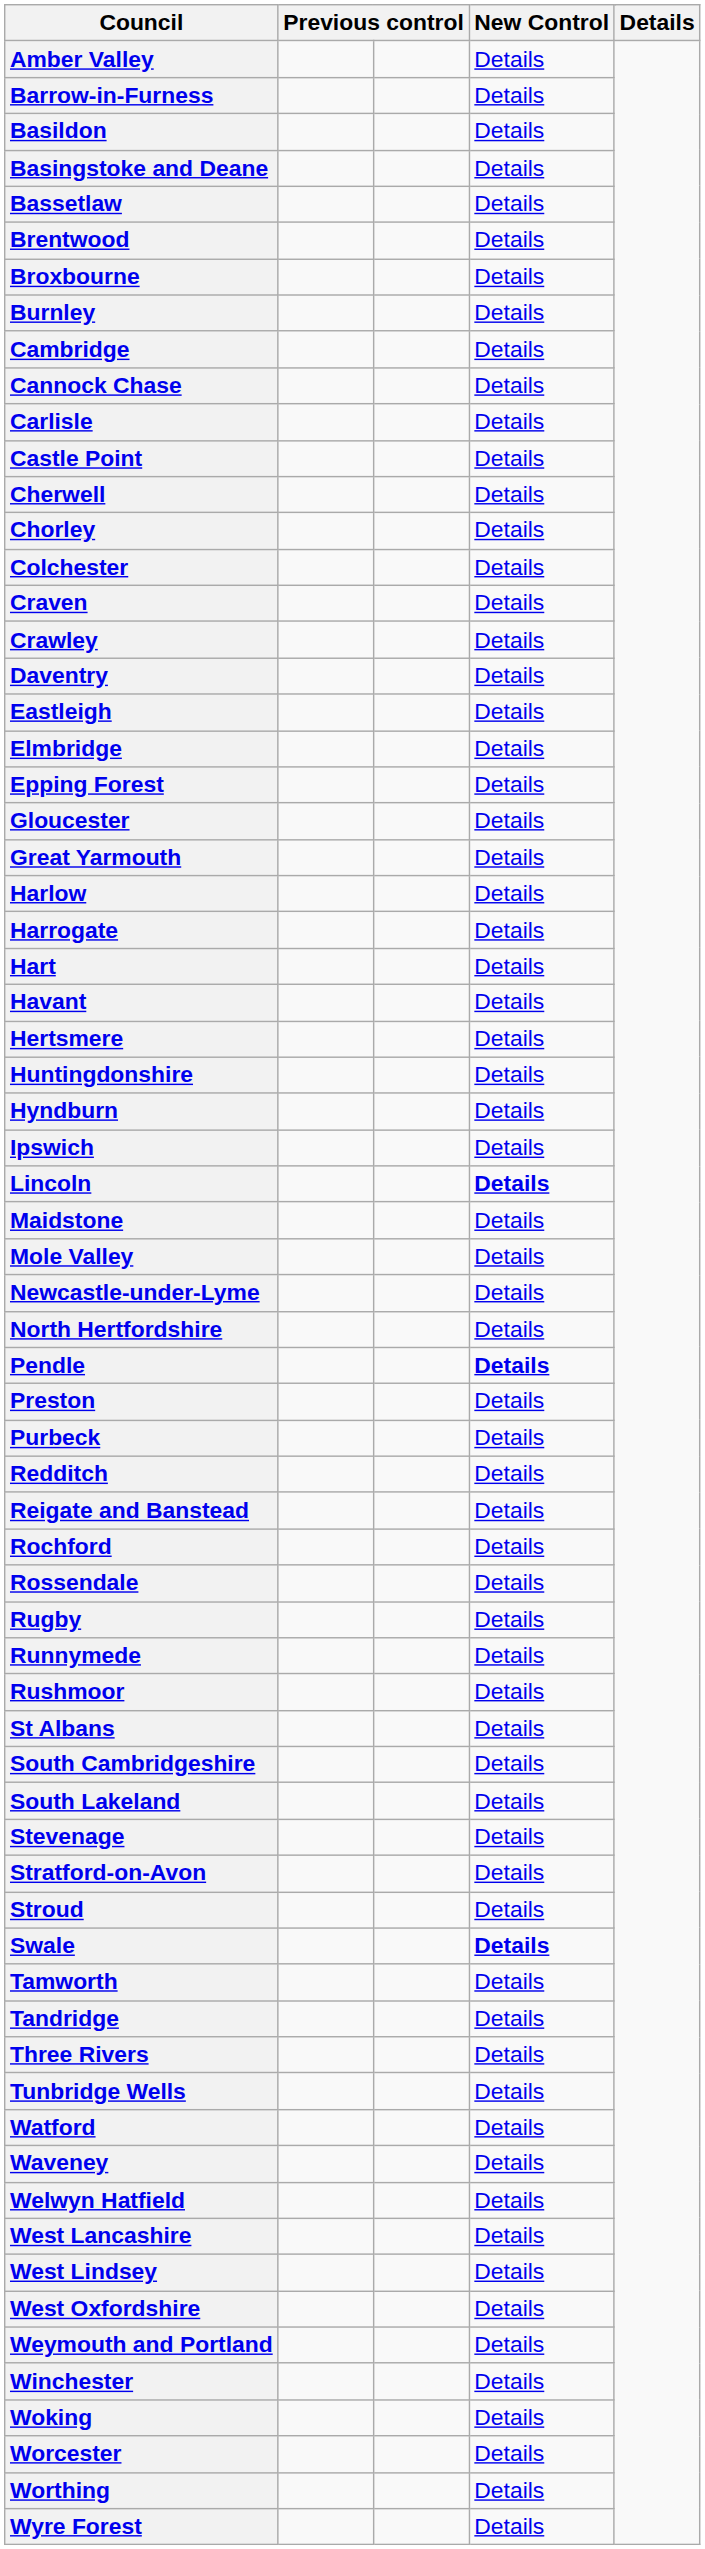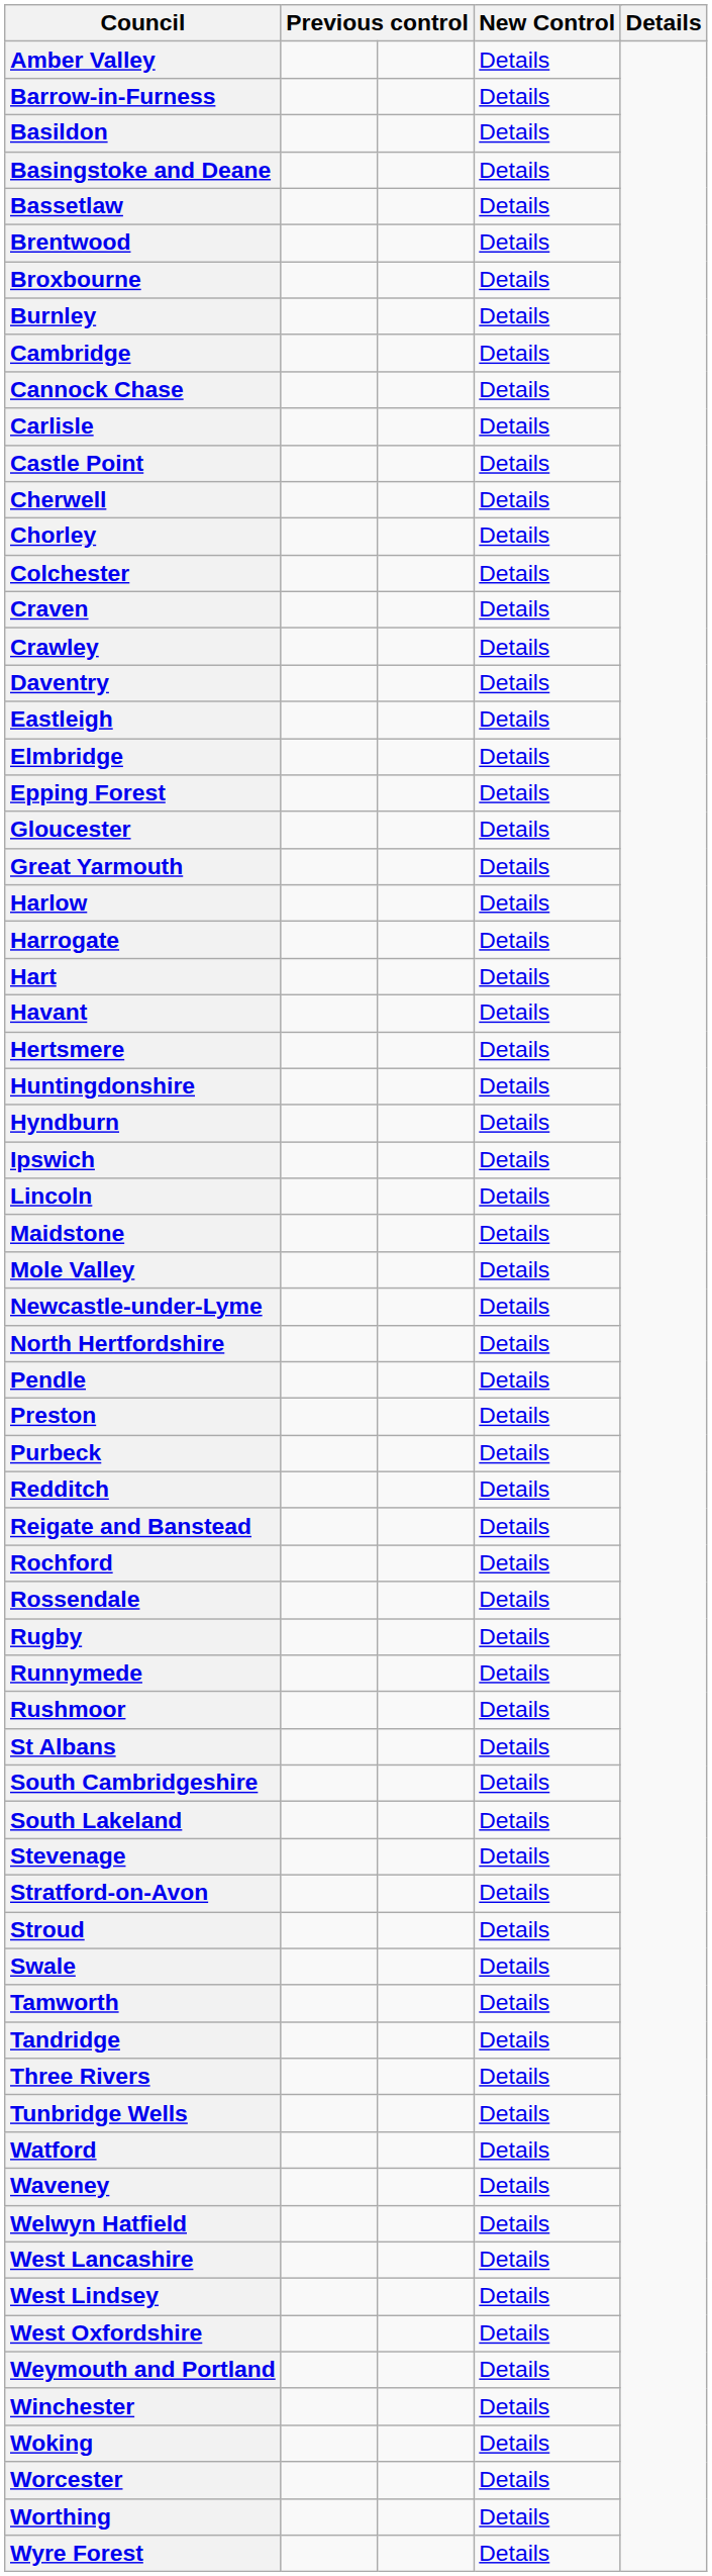 <table class="wikitable">
 <tr>
 <th scope="col">Council</th>
 <th colspan=2>Previous control</th>
 <th colspan=2>New Control</th>
 <th scope="col">Details</th>
 </tr>
 <tr>
 <th scope="row" style="text-align: left;"><a href='#'>Amber Valley</a></th>
 <td></td>
 <td></td>
 <td><a href='#'>Details</a></td>
 </tr>
 <tr>
 <th scope="row" style="text-align: left;"><a href='#'>Barrow-in-Furness</a></th>
 <td></td>
 <td></td>
 <td><a href='#'>Details</a></td>
 </tr>
 <tr>
 <th scope="row" style="text-align: left;"><a href='#'>Basildon</a></th>
 <td></td>
 <td></td>
 <td><a href='#'>Details</a></td>
 </tr>
 <tr>
 <th scope="row" style="text-align: left;"><a href='#'>Basingstoke and Deane</a></th>
 <td></td>
 <td></td>
 <td><a href='#'>Details</a></td>
 </tr>
 <tr>
 <th scope="row" style="text-align: left;"><a href='#'>Bassetlaw</a></th>
 <td></td>
 <td></td>
 <td><a href='#'>Details</a></td>
 </tr>
 <tr>
 <th scope="row" style="text-align: left;"><a href='#'>Brentwood</a></th>
 <td></td>
 <td></td>
 <td><a href='#'>Details</a></td>
 </tr>
 <tr>
 <th scope="row" style="text-align: left;"><a href='#'>Broxbourne</a></th>
 <td></td>
 <td></td>
 <td><a href='#'>Details</a></td>
 </tr>
 <tr>
 <th scope="row" style="text-align: left;"><a href='#'>Burnley</a></th>
 <td></td>
 <td></td>
 <td><a href='#'>Details</a></td>
 </tr>
 <tr>
 <th scope="row" style="text-align: left;"><a href='#'>Cambridge</a></th>
 <td></td>
 <td></td>
 <td><a href='#'>Details</a></td>
 </tr>
 <tr>
 <th scope="row" style="text-align: left;"><a href='#'>Cannock Chase</a></th>
 <td></td>
 <td></td>
 <td><a href='#'>Details</a></td>
 </tr>
 <tr>
 <th scope="row" style="text-align: left;"><a href='#'>Carlisle</a></th>
 <td></td>
 <td></td>
 <td><a href='#'>Details</a></td>
 </tr>
 <tr>
 <th scope="row" style="text-align: left;"><a href='#'>Castle Point</a></th>
 <td></td>
 <td></td>
 <td><a href='#'>Details</a></td>
 </tr>
 <tr>
 <th scope="row" style="text-align: left;"><a href='#'>Cherwell</a></th>
 <td></td>
 <td></td>
 <td><a href='#'>Details</a></td>
 </tr>
 <tr>
 <th scope="row" style="text-align: left;"><a href='#'>Chorley</a></th>
 <td></td>
 <td></td>
 <td><a href='#'>Details</a></td>
 </tr>
 <tr>
 <th scope="row" style="text-align: left;"><a href='#'>Colchester</a></th>
 <td></td>
 <td></td>
 <td><a href='#'>Details</a></td>
 </tr>
 <tr>
 <th scope="row" style="text-align: left;"><a href='#'>Craven</a></th>
 <td></td>
 <td></td>
 <td><a href='#'>Details</a></td>
 </tr>
 <tr>
 <th scope="row" style="text-align: left;"><a href='#'>Crawley</a></th>
 <td></td>
 <td></td>
 <td><a href='#'>Details</a></td>
 </tr>
 <tr>
 <th scope="row" style="text-align: left;"><a href='#'>Daventry</a></th>
 <td></td>
 <td></td>
 <td><a href='#'>Details</a></td>
 </tr>
 <tr>
 <th scope="row" style="text-align: left;"><a href='#'>Eastleigh</a></th>
 <td></td>
 <td></td>
 <td><a href='#'>Details</a></td>
 </tr>
 <tr>
 <th scope="row" style="text-align: left;"><a href='#'>Elmbridge</a></th>
 <td></td>
 <td></td>
 <td><a href='#'>Details</a></td>
 </tr>
 <tr>
 <th scope="row" style="text-align: left;"><a href='#'>Epping Forest</a></th>
 <td></td>
 <td></td>
 <td><a href='#'>Details</a></td>
 </tr>
 <tr>
 <th scope="row" style="text-align: left;"><a href='#'>Gloucester</a></th>
 <td></td>
 <td></td>
 <td><a href='#'>Details</a></td>
 </tr>
 <tr>
 <th scope="row" style="text-align: left;"><a href='#'>Great Yarmouth</a></th>
 <td></td>
 <td></td>
 <td><a href='#'>Details</a></td>
 </tr>
 <tr>
 <th scope="row" style="text-align: left;"><a href='#'>Harlow</a></th>
 <td></td>
 <td></td>
 <td><a href='#'>Details</a></td>
 </tr>
 <tr>
 <th scope="row" style="text-align: left;"><a href='#'>Harrogate</a></th>
 <td></td>
 <td></td>
 <td><a href='#'>Details</a></td>
 </tr>
 <tr>
 <th scope="row" style="text-align: left;"><a href='#'>Hart</a></th>
 <td></td>
 <td></td>
 <td><a href='#'>Details</a></td>
 </tr>
 <tr>
 <th scope="row" style="text-align: left;"><a href='#'>Havant</a></th>
 <td></td>
 <td></td>
 <td><a href='#'>Details</a></td>
 </tr>
 <tr>
 <th scope="row" style="text-align: left;"><a href='#'>Hertsmere</a></th>
 <td></td>
 <td></td>
 <td><a href='#'>Details</a></td>
 </tr>
 <tr>
 <th scope="row" style="text-align: left;"><a href='#'>Huntingdonshire</a></th>
 <td></td>
 <td></td>
 <td><a href='#'>Details</a></td>
 </tr>
 <tr>
 <th scope="row" style="text-align: left;"><a href='#'>Hyndburn</a></th>
 <td></td>
 <td></td>
 <td><a href='#'>Details</a></td>
 </tr>
 <tr>
 <th scope="row" style="text-align: left;"><a href='#'>Ipswich</a></th>
 <td></td>
 <td></td>
 <td><a href='#'>Details</a></td>
 </tr>
 <tr>
 <th scope="row" style="text-align: left;"><a href='#'>Lincoln</a></th>
 <td></td>
 <td></td>
-<td><strong><a href='#'>Details</a></strong></td>
+<td><a href='#'>Details</a></td>
 </tr>
 <tr>
 <th scope="row" style="text-align: left;"><a href='#'>Maidstone</a></th>
 <td></td>
 <td></td>
 <td><a href='#'>Details</a></td>
 </tr>
 <tr>
 <th scope="row" style="text-align: left;"><a href='#'>Mole Valley</a></th>
 <td></td>
 <td></td>
 <td><a href='#'>Details</a></td>
 </tr>
 <tr>
 <th scope="row" style="text-align: left;"><a href='#'>Newcastle-under-Lyme</a></th>
 <td></td>
 <td></td>
 <td><a href='#'>Details</a></td>
 </tr>
 <tr>
 <th scope="row" style="text-align: left;"><a href='#'>North Hertfordshire</a></th>
 <td></td>
 <td></td>
 <td><a href='#'>Details</a></td>
 </tr>
 <tr>
 <th scope="row" style="text-align: left;"><a href='#'>Pendle</a></th>
 <td></td>
 <td></td>
-<td><strong><a href='#'>Details</a></strong></td>
+<td><a href='#'>Details</a></td>
 </tr>
 <tr>
 <th scope="row" style="text-align: left;"><a href='#'>Preston</a></th>
 <td></td>
 <td></td>
 <td><a href='#'>Details</a></td>
 </tr>
 <tr>
 <th scope="row" style="text-align: left;"><a href='#'>Purbeck</a></th>
 <td></td>
 <td></td>
 <td><a href='#'>Details</a></td>
 </tr>
 <tr>
 <th scope="row" style="text-align: left;"><a href='#'>Redditch</a></th>
 <td></td>
 <td></td>
 <td><a href='#'>Details</a></td>
 </tr>
 <tr>
 <th scope="row" style="text-align: left;"><a href='#'>Reigate and Banstead</a></th>
 <td></td>
 <td></td>
 <td><a href='#'>Details</a></td>
 </tr>
 <tr>
 <th scope="row" style="text-align: left;"><a href='#'>Rochford</a></th>
 <td></td>
 <td></td>
 <td><a href='#'>Details</a></td>
 </tr>
 <tr>
 <th scope="row" style="text-align: left;"><a href='#'>Rossendale</a></th>
 <td></td>
 <td></td>
 <td><a href='#'>Details</a></td>
 </tr>
 <tr>
 <th scope="row" style="text-align: left;"><a href='#'>Rugby</a></th>
 <td></td>
 <td></td>
 <td><a href='#'>Details</a></td>
 </tr>
 <tr>
 <th scope="row" style="text-align: left;"><a href='#'>Runnymede</a></th>
 <td></td>
 <td></td>
 <td><a href='#'>Details</a></td>
 </tr>
 <tr>
 <th scope="row" style="text-align: left;"><a href='#'>Rushmoor</a></th>
 <td></td>
 <td></td>
 <td><a href='#'>Details</a></td>
 </tr>
 <tr>
 <th scope="row" style="text-align: left;"><a href='#'>St Albans</a></th>
 <td></td>
 <td></td>
 <td><a href='#'>Details</a></td>
 </tr>
 <tr>
 <th scope="row" style="text-align: left;"><a href='#'>South Cambridgeshire</a></th>
 <td></td>
 <td></td>
 <td><a href='#'>Details</a></td>
 </tr>
 <tr>
 <th scope="row" style="text-align: left;"><a href='#'>South Lakeland</a></th>
 <td></td>
 <td></td>
 <td><a href='#'>Details</a></td>
 </tr>
 <tr>
 <th scope="row" style="text-align: left;"><a href='#'>Stevenage</a></th>
 <td></td>
 <td></td>
 <td><a href='#'>Details</a></td>
 </tr>
 <tr>
 <th scope="row" style="text-align: left;"><a href='#'>Stratford-on-Avon</a></th>
 <td></td>
 <td></td>
 <td><a href='#'>Details</a></td>
 </tr>
 <tr>
 <th scope="row" style="text-align: left;"><a href='#'>Stroud</a></th>
 <td></td>
 <td></td>
 <td><a href='#'>Details</a></td>
 </tr>
 <tr>
 <th scope="row" style="text-align: left;"><a href='#'>Swale</a></th>
 <td></td>
 <td></td>
-<td><strong><a href='#'>Details</a></strong></td>
+<td><a href='#'>Details</a></td>
 </tr>
 <tr>
 <th scope="row" style="text-align: left;"><a href='#'>Tamworth</a></th>
 <td></td>
 <td></td>
 <td><a href='#'>Details</a></td>
 </tr>
 <tr>
 <th scope="row" style="text-align: left;"><a href='#'>Tandridge</a></th>
 <td></td>
 <td></td>
 <td><a href='#'>Details</a></td>
 </tr>
 <tr>
 <th scope="row" style="text-align: left;"><a href='#'>Three Rivers</a></th>
 <td></td>
 <td></td>
 <td><a href='#'>Details</a></td>
 </tr>
 <tr>
 <th scope="row" style="text-align: left;"><a href='#'>Tunbridge Wells</a></th>
 <td></td>
 <td></td>
 <td><a href='#'>Details</a></td>
 </tr>
 <tr>
 <th scope="row" style="text-align: left;"><a href='#'>Watford</a></th>
 <td></td>
 <td></td>
 <td><a href='#'>Details</a></td>
 </tr>
 <tr>
 <th scope="row" style="text-align: left;"><a href='#'>Waveney</a></th>
 <td></td>
 <td></td>
 <td><a href='#'>Details</a></td>
 </tr>
 <tr>
 <th scope="row" style="text-align: left;"><a href='#'>Welwyn Hatfield</a></th>
 <td></td>
 <td></td>
 <td><a href='#'>Details</a></td>
 </tr>
 <tr>
 <th scope="row" style="text-align: left;"><a href='#'>West Lancashire</a></th>
 <td></td>
 <td></td>
 <td><a href='#'>Details</a></td>
 </tr>
 <tr>
 <th scope="row" style="text-align: left;"><a href='#'>West Lindsey</a></th>
 <td></td>
 <td></td>
 <td><a href='#'>Details</a></td>
 </tr>
 <tr>
 <th scope="row" style="text-align: left;"><a href='#'>West Oxfordshire</a></th>
 <td></td>
 <td></td>
 <td><a href='#'>Details</a></td>
 </tr>
 <tr>
 <th scope="row" style="text-align: left;"><a href='#'>Weymouth and Portland</a></th>
 <td></td>
 <td></td>
 <td><a href='#'>Details</a></td>
 </tr>
 <tr>
 <th scope="row" style="text-align: left;"><a href='#'>Winchester</a></th>
 <td></td>
 <td></td>
 <td><a href='#'>Details</a></td>
 </tr>
 <tr>
 <th scope="row" style="text-align: left;"><a href='#'>Woking</a></th>
 <td></td>
 <td></td>
 <td><a href='#'>Details</a></td>
 </tr>
 <tr>
 <th scope="row" style="text-align: left;"><a href='#'>Worcester</a></th>
 <td></td>
 <td></td>
 <td><a href='#'>Details</a></td>
 </tr>
 <tr>
 <th scope="row" style="text-align: left;"><a href='#'>Worthing</a></th>
 <td></td>
 <td></td>
 <td><a href='#'>Details</a></td>
 </tr>
 <tr>
 <th scope="row" style="text-align: left;"><a href='#'>Wyre Forest</a></th>
 <td></td>
 <td></td>
 <td><a href='#'>Details</a></td>
 </tr>
 </table>
